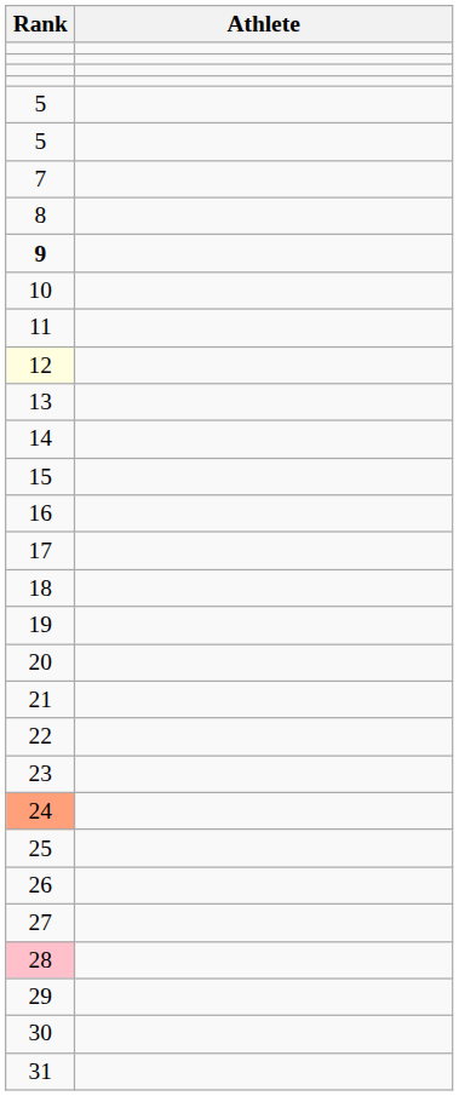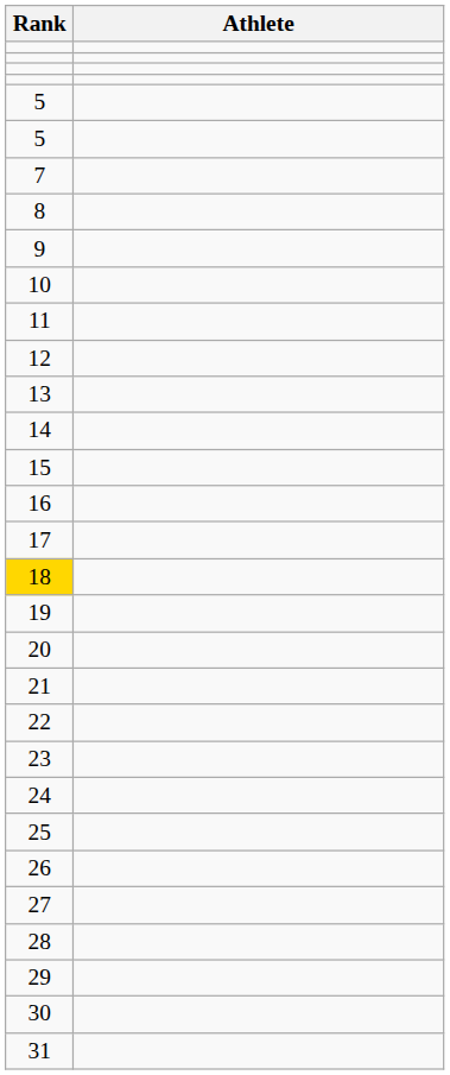 <table class="wikitable" style="text-align: center;">
 <tr>
 <th width=40>Rank</th>
 <th width=250>Athlete</th>
 </tr>
 <tr>
 <td></td>
 <td align="left"></td>
 </tr>
 <tr>
 <td></td>
 <td align="left"></td>
 </tr>
 <tr>
 <td></td>
 <td align="left"></td>
 </tr>
 <tr>
 <td></td>
 <td align="left"></td>
 </tr>
 <tr>
 <td>5</td>
 <td align="left"></td>
 </tr>
 <tr>
 <td>5</td>
 <td align="left"></td>
 </tr>
 <tr>
 <td>7</td>
 <td align="left"></td>
 </tr>
 <tr>
 <td>8</td>
 <td align="left"></td>
 </tr>
 <tr>
-<td><strong>9</strong></td>
+<td>9</td>
 <td align="left"></td>
 </tr>
 <tr>
 <td>10</td>
 <td align="left"></td>
 </tr>
 <tr>
 <td>11</td>
 <td align="left"></td>
 </tr>
 <tr>
-<td style="background: lightyellow;">12</td>
+<td>12</td>
 <td align="left"></td>
 </tr>
 <tr>
 <td>13</td>
 <td align="left"></td>
 </tr>
 <tr>
 <td>14</td>
 <td align="left"></td>
 </tr>
 <tr>
 <td>15</td>
 <td align="left"></td>
 </tr>
 <tr>
 <td>16</td>
 <td align="left"></td>
 </tr>
 <tr>
 <td>17</td>
 <td align="left"></td>
 </tr>
 <tr>
-<td>18</td>
+<td style="background: gold;">18</td>
 <td align="left"></td>
 </tr>
 <tr>
 <td>19</td>
 <td align="left"></td>
 </tr>
 <tr>
 <td>20</td>
 <td align="left"></td>
 </tr>
 <tr>
 <td>21</td>
 <td align="left"></td>
 </tr>
 <tr>
 <td>22</td>
 <td align="left"></td>
 </tr>
 <tr>
 <td>23</td>
 <td align="left"></td>
 </tr>
 <tr>
-<td style="background: lightsalmon;">24</td>
+<td>24</td>
 <td align="left"></td>
 </tr>
 <tr>
 <td>25</td>
 <td align="left"></td>
 </tr>
 <tr>
 <td>26</td>
 <td align="left"></td>
 </tr>
 <tr>
 <td>27</td>
 <td align="left"></td>
 </tr>
 <tr>
-<td style="background: pink;">28</td>
+<td>28</td>
 <td align="left"></td>
 </tr>
 <tr>
 <td>29</td>
 <td align="left"></td>
 </tr>
 <tr>
 <td>30</td>
 <td align="left"></td>
 </tr>
 <tr>
 <td>31</td>
 <td align="left"></td>
 </tr>
 </table>
